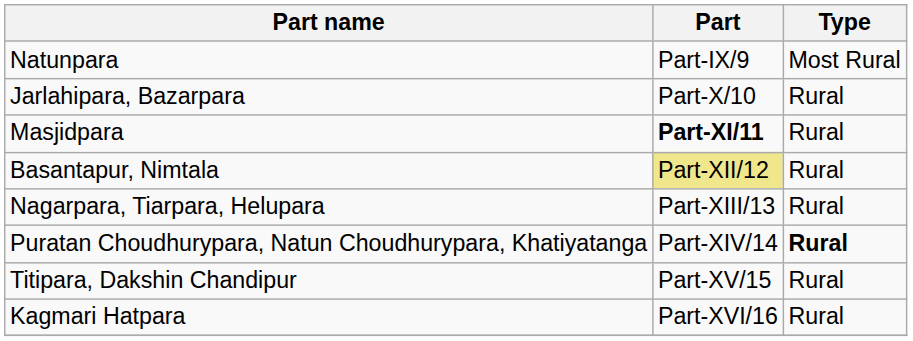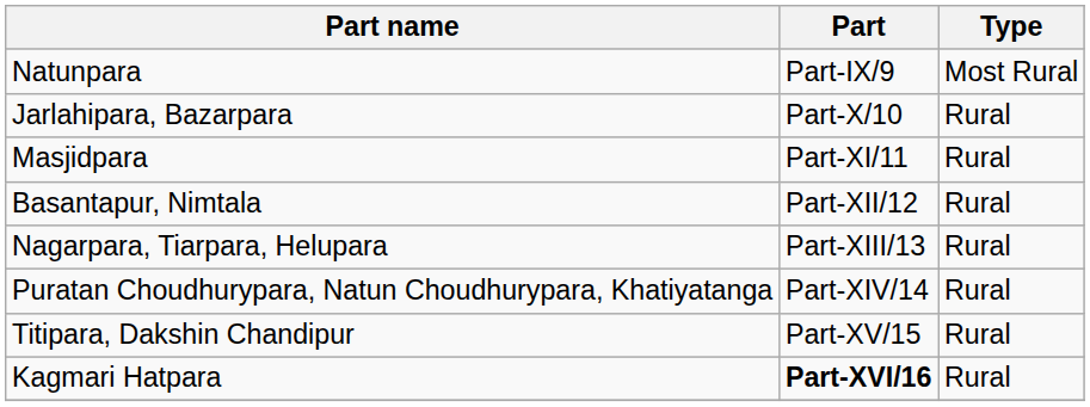 <table class="wikitable">
 <tr>
 <th>Part name</th>
 <th>Part </th>
 <th>Type</th>
 </tr>
 <tr>
 <td>Natunpara</td>
 <td>Part-IX/9</td>
 <td>Most Rural</td>
 </tr>
 <tr>
 <td>Jarlahipara, Bazarpara</td>
 <td>Part-X/10</td>
 <td>Rural</td>
 </tr>
 <tr>
 <td>Masjidpara</td>
-<td><strong>Part-XI/11</strong></td>
+<td>Part-XI/11</td>
 <td>Rural</td>
 </tr>
 <tr>
 <td>Basantapur, Nimtala</td>
-<td style="background: khaki;">Part-XII/12</td>
+<td>Part-XII/12</td>
 <td>Rural</td>
 </tr>
 <tr>
 <td>Nagarpara, Tiarpara, Helupara</td>
 <td>Part-XIII/13</td>
 <td>Rural</td>
 </tr>
 <tr>
 <td>Puratan Choudhurypara, Natun Choudhurypara, Khatiyatanga</td>
 <td>Part-XIV/14</td>
-<td><strong>Rural</strong></td>
+<td>Rural</td>
 </tr>
 <tr>
 <td>Titipara, Dakshin Chandipur</td>
 <td>Part-XV/15</td>
 <td>Rural</td>
 </tr>
 <tr>
 <td>Kagmari Hatpara</td>
-<td>Part-XVI/16</td>
+<td><strong>Part-XVI/16</strong></td>
 <td>Rural</td>
 </tr>
 <tr>
 </tr>
 </table>
